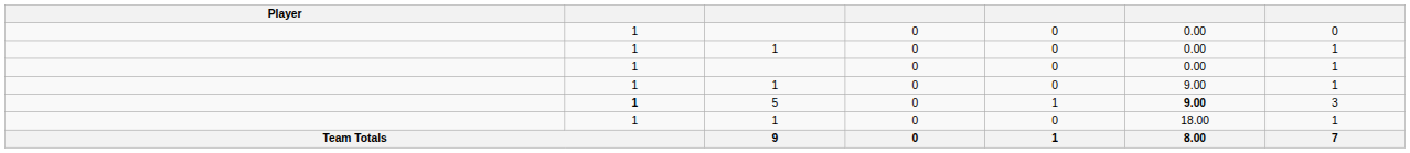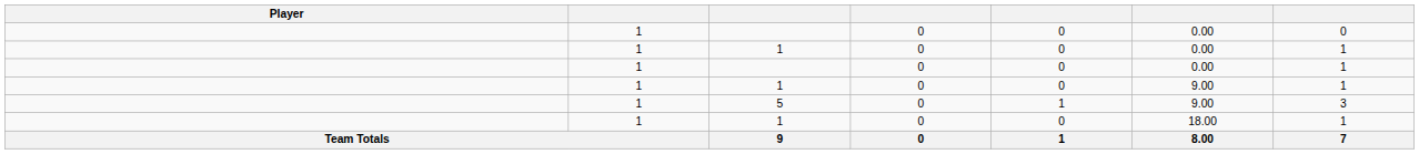 <table class="wikitable sortable" style="text-align:center;" width="100%">
 <tr>
 <th width="40%">Player</th>
 <th width="10%"></th>
 <th width="10%" data-sort-type="number"></th>
 <th width="10%"></th>
 <th width="10%"></th>
 <th width="10%"></th>
 <th width="10%"></th>
 </tr>
 <tr>
 <td></td>
 <td>1</td>
 <td></td>
 <td>0</td>
 <td>0</td>
 <td>0.00</td>
 <td>0</td>
 </tr>
 <tr>
 <td></td>
 <td>1</td>
 <td>1</td>
 <td>0</td>
 <td>0</td>
 <td>0.00</td>
 <td>1</td>
 </tr>
 <tr>
 <td></td>
 <td>1</td>
 <td></td>
 <td>0</td>
 <td>0</td>
 <td>0.00</td>
 <td>1</td>
 </tr>
 <tr>
 <td></td>
 <td>1</td>
 <td>1</td>
 <td>0</td>
 <td>0</td>
 <td>9.00</td>
 <td>1</td>
 </tr>
 <tr>
 <td></td>
-<td><strong>1</strong></td>
+<td>1</td>
 <td>5</td>
 <td>0</td>
 <td>1</td>
-<td><strong>9.00</strong></td>
+<td>9.00</td>
 <td>3</td>
 </tr>
 <tr>
 <td></td>
 <td>1</td>
 <td>1</td>
 <td>0</td>
 <td>0</td>
 <td>18.00</td>
 <td>1</td>
 </tr>
 <tr>
 <th colspan="2">Team Totals</th>
 <th>9</th>
 <th>0</th>
 <th>1</th>
 <th>8.00</th>
 <th>7</th>
 </tr>
 </table>
